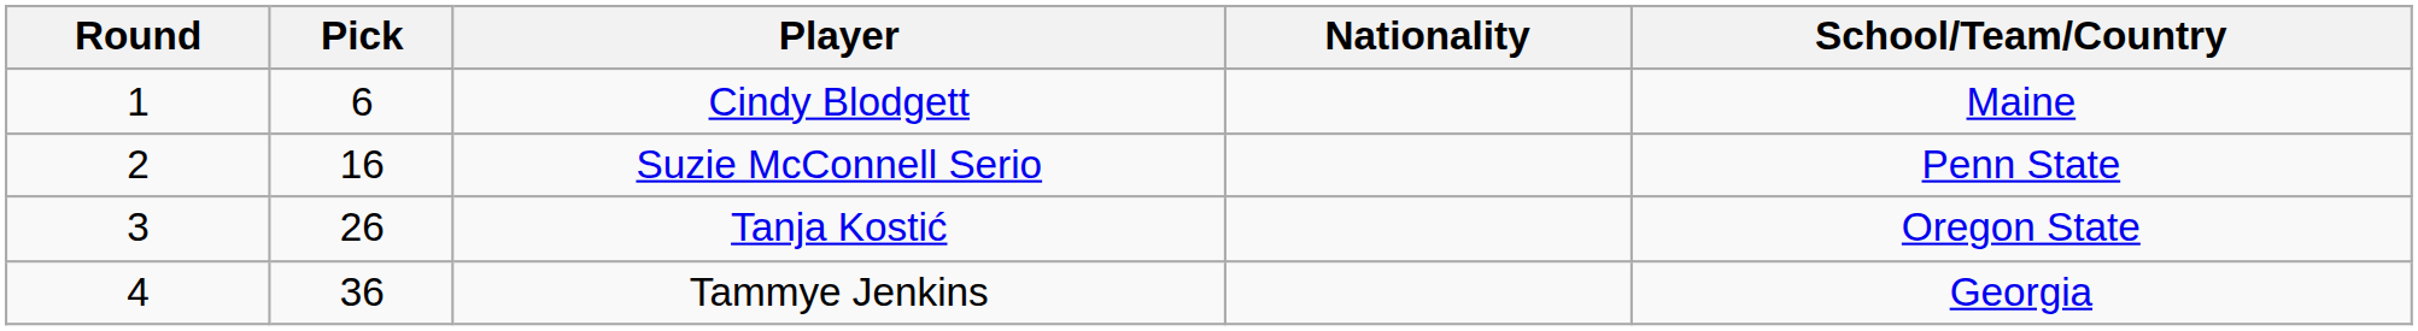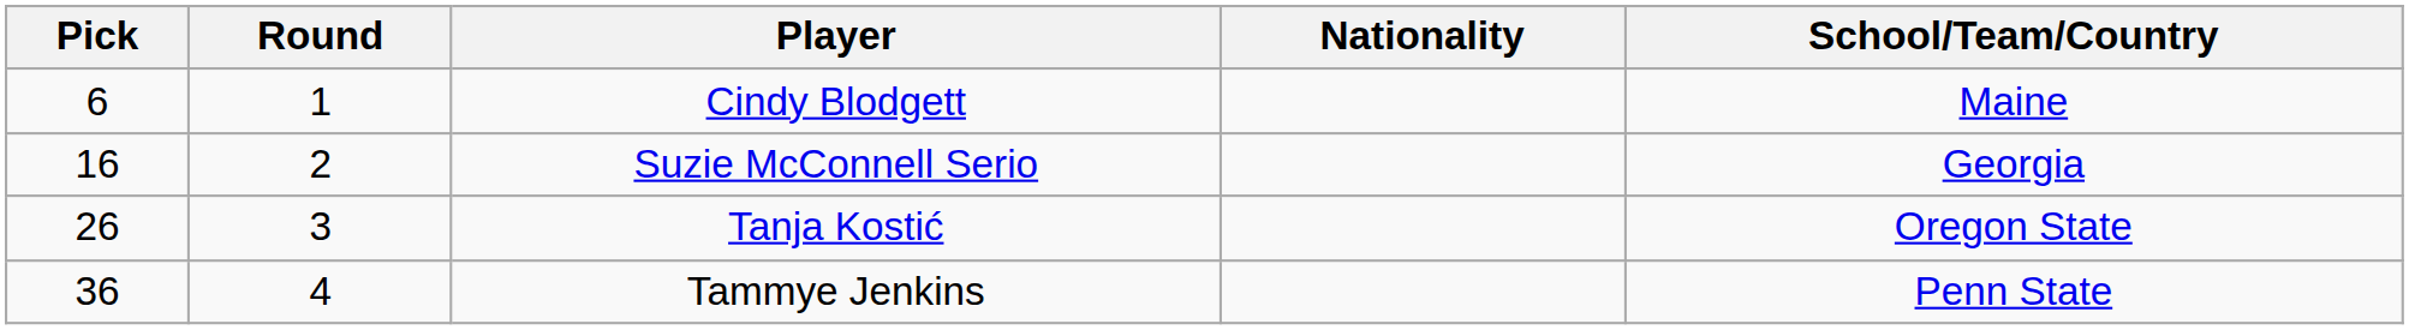 <table class="wikitable" style="text-align:center; width:60em">
 <tr>
+<th>Pick</th>
 <th>Round</th>
-<th>Pick</th>
 <th>Player</th>
 <th>Nationality</th>
 <th>School/Team/Country</th>
 </tr>
 <tr>
+<td>6</td>
 <td>1</td>
-<td>6</td>
 <td><a href='#'>Cindy Blodgett</a></td>
 <td></td>
 <td><a href='#'>Maine</a></td>
 </tr>
 <tr>
+<td>16</td>
 <td>2</td>
-<td>16</td>
 <td><a href='#'>Suzie McConnell Serio</a></td>
 <td></td>
-<td><a href='#'>Penn State</a></td>
+<td><a href='#'>Georgia</a></td>
 </tr>
 <tr>
+<td>26</td>
 <td>3</td>
-<td>26</td>
 <td><a href='#'>Tanja Kostić</a></td>
 <td></td>
 <td><a href='#'>Oregon State</a></td>
 </tr>
 <tr>
+<td>36</td>
 <td>4</td>
-<td>36</td>
 <td>Tammye Jenkins</td>
 <td></td>
-<td><a href='#'>Georgia</a></td>
+<td><a href='#'>Penn State</a></td>
 </tr>
 </table>
